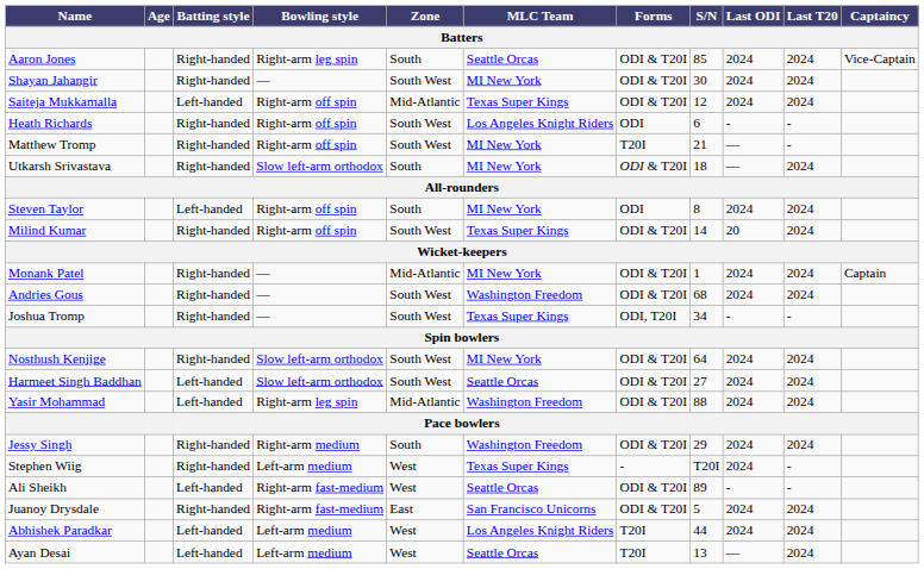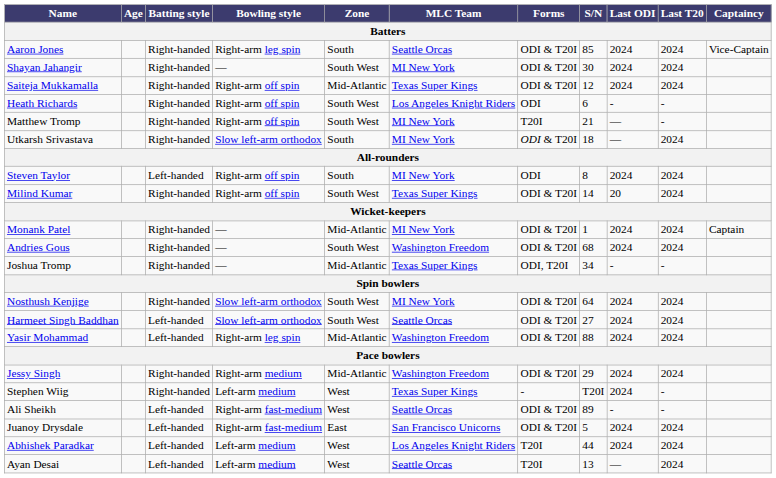 <table class="wikitable sortable">
 <tr>
 <th style="text-align:center; background:#3C3B6E; color:white;">Name</th>
 <th style="text-align:center; background:#3C3B6E; color:white;">Age</th>
 <th style="text-align:center; background:#3C3B6E; color:white;">Batting style</th>
 <th style="text-align:center; background:#3C3B6E; color:white;">Bowling style</th>
 <th style="text-align:center; background:#3C3B6E; color:white;">Zone</th>
 <th style="text-align:center; background:#3C3B6E; color:white;">MLC Team</th>
 <th style="text-align:center; background:#3C3B6E; color:white;">Forms</th>
 <th style="text-align:center; background:#3C3B6E; color:white;">S/N</th>
 <th style="text-align:center; background:#3C3B6E; color:white;">Last ODI</th>
 <th style="text-align:center; background:#3C3B6E; color:white;">Last T20</th>
 <th style="text-align:center; background:#3C3B6E; color:white;">Captaincy</th>
 </tr>
 <tr>
 <th colspan="11">Batters</th>
 </tr>
 <tr>
 <td><a href='#'>Aaron Jones</a></td>
 <td></td>
 <td>Right-handed</td>
 <td>Right-arm <a href='#'>leg spin</a></td>
 <td>South</td>
 <td><a href='#'>Seattle Orcas</a></td>
 <td>ODI & T20I</td>
 <td>85</td>
 <td> 2024</td>
 <td> 2024</td>
 <td>Vice-Captain</td>
 </tr>
 <tr>
 <td><a href='#'>Shayan Jahangir</a></td>
 <td></td>
 <td>Right-handed</td>
 <td>—</td>
 <td>South West</td>
 <td><a href='#'>MI New York</a></td>
 <td>ODI & T20I</td>
 <td>30</td>
 <td> 2024</td>
 <td> 2024</td>
 <td></td>
 </tr>
 <tr>
 <td><a href='#'>Saiteja Mukkamalla</a></td>
 <td></td>
-<td>Left-handed</td>
+<td>Right-handed</td>
 <td>Right-arm <a href='#'>off spin</a></td>
 <td>Mid-Atlantic</td>
 <td><a href='#'>Texas Super Kings</a></td>
 <td>ODI & T20I</td>
 <td>12</td>
 <td> 2024</td>
 <td> 2024</td>
 <td></td>
 </tr>
 <tr>
 <td><a href='#'>Heath Richards</a></td>
 <td></td>
 <td>Right-handed</td>
 <td>Right-arm <a href='#'>off spin</a></td>
 <td>South West</td>
 <td><a href='#'>Los Angeles Knight Riders</a></td>
 <td>ODI</td>
 <td>6</td>
 <td>-</td>
 <td>-</td>
 <td></td>
 </tr>
 <tr>
 <td>Matthew Tromp</td>
 <td></td>
 <td>Right-handed</td>
 <td>Right-arm <a href='#'>off spin</a></td>
 <td>South West</td>
 <td><a href='#'>MI New York</a></td>
 <td>T20I</td>
 <td>21</td>
 <td>—</td>
 <td>-</td>
 <td></td>
 </tr>
 <tr>
 <td>Utkarsh Srivastava</td>
 <td></td>
 <td>Right-handed</td>
 <td><a href='#'>Slow left-arm orthodox</a></td>
 <td>South</td>
 <td><a href='#'>MI New York</a></td>
 <td><em>ODI</em> & T20I</td>
 <td>18</td>
 <td>—</td>
 <td> 2024</td>
 <td></td>
 </tr>
 <tr>
 <th colspan="11">All-rounders</th>
 </tr>
 <tr>
 <td><a href='#'>Steven Taylor</a></td>
 <td></td>
 <td>Left-handed</td>
 <td>Right-arm <a href='#'>off spin</a></td>
 <td>South</td>
 <td><a href='#'>MI New York</a></td>
 <td>ODI</td>
 <td>8</td>
 <td> 2024</td>
 <td> 2024</td>
 <td></td>
 </tr>
 <tr>
 <td><a href='#'>Milind Kumar</a></td>
 <td></td>
 <td>Right-handed</td>
 <td>Right-arm <a href='#'>off spin</a></td>
 <td>South West</td>
 <td><a href='#'>Texas Super Kings</a></td>
 <td>ODI & T20I</td>
 <td>14</td>
 <td>20</td>
 <td> 2024</td>
 <td></td>
 </tr>
 <tr>
 <th colspan="11">Wicket-keepers</th>
 </tr>
 <tr>
 <td><a href='#'>Monank Patel</a></td>
 <td></td>
 <td>Right-handed</td>
 <td>—</td>
 <td>Mid-Atlantic</td>
 <td><a href='#'>MI New York</a></td>
 <td>ODI & T20I</td>
 <td>1</td>
 <td> 2024</td>
 <td> 2024</td>
 <td>Captain</td>
 </tr>
 <tr>
 <td><a href='#'>Andries Gous</a></td>
 <td></td>
 <td>Right-handed</td>
 <td>—</td>
 <td>South West</td>
 <td><a href='#'>Washington Freedom</a></td>
 <td>ODI & T20I</td>
 <td>68</td>
 <td> 2024</td>
 <td> 2024</td>
 <td></td>
 </tr>
 <tr>
 <td>Joshua Tromp</td>
 <td></td>
 <td>Right-handed</td>
 <td>—</td>
-<td>South West</td>
+<td>Mid-Atlantic</td>
 <td><a href='#'>Texas Super Kings</a></td>
 <td>ODI, T20I</td>
 <td>34</td>
 <td>-</td>
 <td>-</td>
 <td></td>
 </tr>
 <tr>
 <th colspan="11">Spin bowlers</th>
 </tr>
 <tr>
 <td><a href='#'>Nosthush Kenjige</a></td>
 <td></td>
 <td>Right-handed</td>
 <td><a href='#'>Slow left-arm orthodox</a></td>
 <td>South West</td>
 <td><a href='#'>MI New York</a></td>
 <td>ODI & T20I</td>
 <td>64</td>
 <td> 2024</td>
 <td> 2024</td>
 <td></td>
 </tr>
 <tr>
 <td><a href='#'>Harmeet Singh Baddhan</a></td>
 <td></td>
 <td>Left-handed</td>
 <td><a href='#'>Slow left-arm orthodox</a></td>
 <td>South West</td>
 <td><a href='#'>Seattle Orcas</a></td>
 <td>ODI & T20I</td>
 <td>27</td>
 <td> 2024</td>
 <td> 2024</td>
 <td></td>
 </tr>
 <tr>
 <td><a href='#'>Yasir Mohammad</a></td>
 <td></td>
 <td>Left-handed</td>
 <td>Right-arm <a href='#'>leg spin</a></td>
 <td>Mid-Atlantic</td>
 <td><a href='#'>Washington Freedom</a></td>
 <td>ODI & T20I</td>
 <td>88</td>
 <td> 2024</td>
 <td> 2024</td>
 <td></td>
 </tr>
 <tr>
 <th colspan="11">Pace bowlers</th>
 </tr>
 <tr>
 <td><a href='#'>Jessy Singh</a></td>
 <td></td>
 <td>Right-handed</td>
 <td>Right-arm <a href='#'>medium</a></td>
-<td>South</td>
+<td>Mid-Atlantic</td>
 <td><a href='#'>Washington Freedom</a></td>
 <td>ODI & T20I</td>
 <td>29</td>
 <td> 2024</td>
 <td> 2024</td>
 <td></td>
 </tr>
 <tr>
 <td>Stephen Wiig</td>
 <td></td>
 <td>Right-handed</td>
 <td>Left-arm <a href='#'>medium</a></td>
 <td>West</td>
 <td><a href='#'>Texas Super Kings</a></td>
 <td>-</td>
 <td>T20I</td>
 <td> 2024</td>
 <td>-</td>
 <td></td>
 </tr>
 <tr>
 <td>Ali Sheikh</td>
 <td></td>
 <td>Left-handed</td>
 <td>Right-arm <a href='#'>fast-medium</a></td>
 <td>West</td>
 <td><a href='#'>Seattle Orcas</a></td>
 <td>ODI & T20I</td>
 <td>89</td>
 <td>-</td>
 <td>-</td>
 <td></td>
 </tr>
 <tr>
 <td>Juanoy Drysdale</td>
 <td></td>
-<td>Right-handed</td>
+<td>Left-handed</td>
 <td>Right-arm <a href='#'>fast-medium</a></td>
 <td>East</td>
 <td><a href='#'>San Francisco Unicorns</a></td>
 <td>ODI & T20I</td>
 <td>5</td>
 <td> 2024</td>
 <td> 2024</td>
 <td></td>
 </tr>
 <tr>
 <td><a href='#'>Abhishek Paradkar</a></td>
 <td></td>
 <td>Left-handed</td>
 <td>Left-arm <a href='#'>medium</a></td>
 <td>West</td>
 <td><a href='#'>Los Angeles Knight Riders</a></td>
 <td>T20I</td>
 <td>44</td>
 <td> 2024</td>
 <td> 2024</td>
 <td></td>
 </tr>
 <tr>
 <td>Ayan Desai</td>
 <td></td>
 <td>Left-handed</td>
 <td>Left-arm <a href='#'>medium</a></td>
 <td>West</td>
 <td><a href='#'>Seattle Orcas</a></td>
 <td>T20I</td>
 <td>13</td>
 <td>—</td>
 <td> 2024</td>
 <td></td>
 </tr>
 </table>
